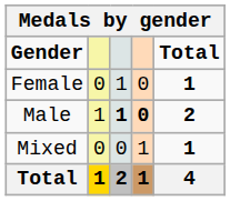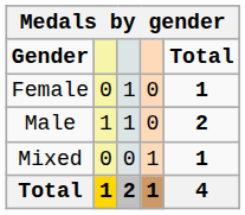 <table class=wikitable style="font-size:85%; float:right;text-align:center">
 <tr bgcolor=EFEFEF>
 <th colspan=6><strong>Medals by gender</strong></th>
 </tr>
 <tr>
 <td><strong>Gender</strong></td>
 <td bgcolor=F7F6A8></td>
 <td bgcolor=DCE5E5></td>
 <td bgcolor=FFDAB9></td>
 <td><strong>Total</strong></td>
 </tr>
 <tr>
 <td>Female</td>
 <td bgcolor=F7F6A8>0</td>
 <td bgcolor=DCE5E5>1</td>
 <td bgcolor=FFDAB9>0</td>
 <td><strong>1</strong></td>
 </tr>
 <tr>
 <td>Male</td>
 <td bgcolor=F7F6A8>1</td>
-<td bgcolor=DCE5E5><strong>1</strong></td>
-<td bgcolor=FFDAB9><strong>0</strong></td>
+<td bgcolor=DCE5E5>1</td>
+<td bgcolor=FFDAB9>0</td>
 <td><strong>2</strong></td>
 </tr>
 <tr>
 <td>Mixed</td>
 <td bgcolor=F7F6A8>0</td>
 <td bgcolor=DCE5E5>0</td>
 <td bgcolor=FFDAB9>1</td>
 <td><strong>1</strong></td>
 </tr>
 <tr>
 <th><strong>Total</strong></th>
 <th style=background:gold><strong>1</strong></th>
 <th style=background:silver><strong>2</strong></th>
 <th style=background:#C96><strong>1</strong></th>
 <th><strong>4</strong></th>
 </tr>
 </table>
